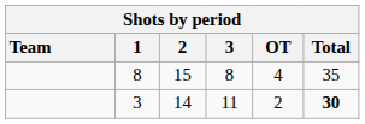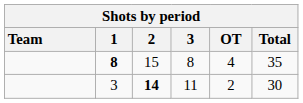 <table class="wikitable" style="width:20em; text-align:right;">
 <tr>
 <th colspan="6">Shots by period</th>
 </tr>
 <tr>
 <th style="width:8em; text-align:left;">Team</th>
 <th style="width:3em;">1</th>
 <th style="width:3em;">2</th>
 <th style="width:3em;">3</th>
 <th style="width:3em;">OT</th>
 <th style="width:3em;">Total</th>
 </tr>
 <tr>
 <td style="text-align:left;"></td>
-<td style="text-align:center;">8</td>
+<td style="text-align:center;"><strong>8</strong></td>
 <td style="text-align:center;">15</td>
 <td style="text-align:center;">8</td>
 <td style="text-align:center;">4</td>
 <td style="text-align:center;">35</td>
 </tr>
 <tr>
 <td style="text-align:left;"></td>
 <td style="text-align:center;">3</td>
-<td style="text-align:center;">14</td>
+<td style="text-align:center;"><strong>14</strong></td>
 <td = style="text-align:center;">11</td>
 <td style="text-align:center;">2</td>
-<td style="text-align:center;"><strong>30</strong></td>
+<td style="text-align:center;">30</td>
 </tr>
 </table>
